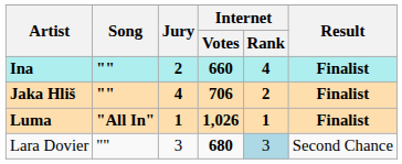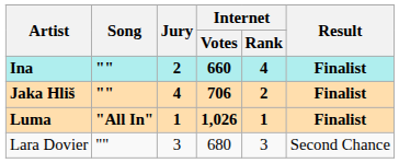 <table class="sortable wikitable" style="margin: 1em auto 1em auto; text-align:center">
 <tr>
 </tr>
 <tr>
 <th scope="col" rowspan="2">Artist</th>
 <th scope="col" rowspan="2">Song</th>
 <th scope="col" rowspan="2">Jury</th>
 <th scope="col" colspan="2">Internet</th>
 <th scope="col" rowspan="2">Result</th>
 </tr>
 <tr>
 <th scope="col">Votes</th>
 <th scope="col">Rank</th>
 </tr>
 <tr style="font-weight:bold; background:paleturquoise;">
 <td align="left">Ina</td>
 <td align="left">""</td>
 <td>2</td>
 <td>660</td>
 <td>4</td>
 <td>Finalist</td>
 </tr>
 <tr style="font-weight:bold; background:navajowhite;">
 <td align="left">Jaka Hliš</td>
 <td align="left">""</td>
 <td>4</td>
 <td>706</td>
 <td>2</td>
 <td>Finalist</td>
 </tr>
 <tr style="font-weight:bold; background:navajowhite;">
 <td align="left">Luma</td>
 <td align="left">"All In"</td>
 <td>1</td>
 <td>1,026</td>
 <td>1</td>
 <td>Finalist</td>
 </tr>
 <tr>
 <td align="left">Lara Dovier</td>
 <td align="left">""</td>
 <td>3</td>
-<td><strong>680</strong></td>
-<td style="background: lightblue;">3</td>
+<td>680</td>
+<td>3</td>
 <td>Second Chance</td>
 </tr>
 </table>
